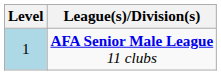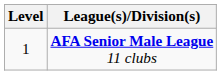 <table class="wikitable" style="text-align: center;">
 <tr>
 <th>Level</th>
 <th colspan="12">League(s)/Division(s)</th>
 </tr>
 <tr>
-<td style="background: lightblue;">1</td>
+<td>1</td>
 <td colspan="12"><strong><a href='#'>AFA Senior Male League</a></strong><br><em>11 clubs</em></td>
 </tr>
 </table>
